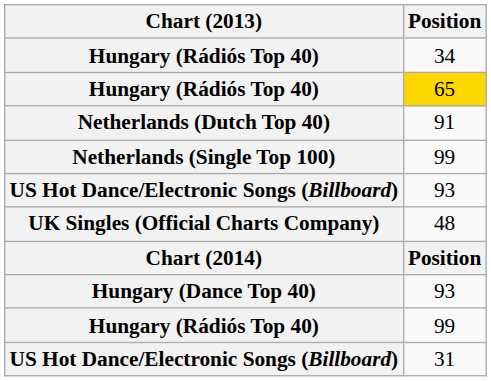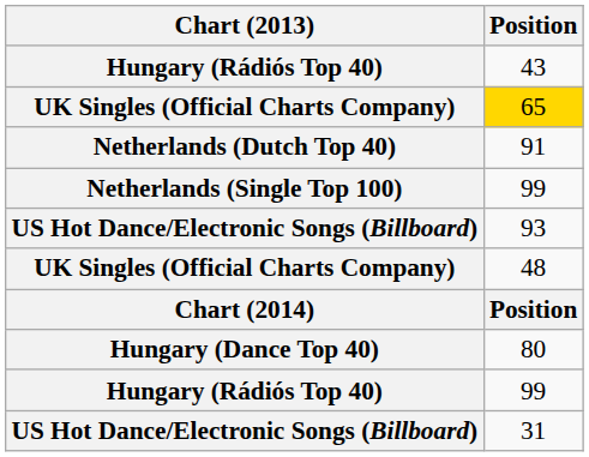 <table class="wikitable sortable plainrowheaders" style="text-align:center">
 <tr>
 <th scope="col">Chart (2013)</th>
 <th scope="col">Position</th>
 </tr>
 <tr>
 <th scope="row">Hungary (Rádiós Top 40)</th>
-<td>34</td>
+<td>43</td>
 </tr>
 <tr>
-<th scope="row">Hungary (Rádiós Top 40)</th>
+<th scope="row">UK Singles (Official Charts Company)</th>
 <td style="background: gold;">65</td>
 </tr>
 <tr>
 <th scope="row">Netherlands (Dutch Top 40)</th>
 <td>91</td>
 </tr>
 <tr>
 <th scope="row">Netherlands (Single Top 100)</th>
 <td>99</td>
 </tr>
 <tr>
 <th scope="row">US Hot Dance/Electronic Songs (<em>Billboard</em>)</th>
 <td>93</td>
 </tr>
 <tr>
 <th scope="row">UK Singles (Official Charts Company)</th>
 <td>48</td>
 </tr>
 <tr>
 <th scope="col">Chart (2014)</th>
 <th scope="col">Position</th>
 </tr>
 <tr>
 <th scope="row">Hungary (Dance Top 40)</th>
-<td>93</td>
+<td>80</td>
 </tr>
 <tr>
 <th scope="row">Hungary (Rádiós Top 40)</th>
 <td>99</td>
 </tr>
 <tr>
 <th scope="row">US Hot Dance/Electronic Songs (<em>Billboard</em>)</th>
 <td>31</td>
 </tr>
 </table>
